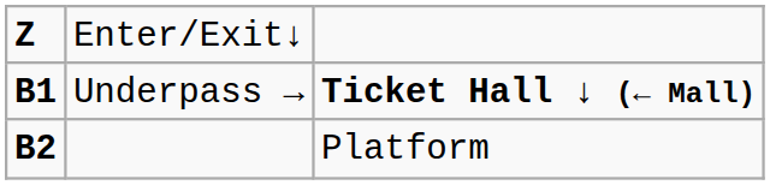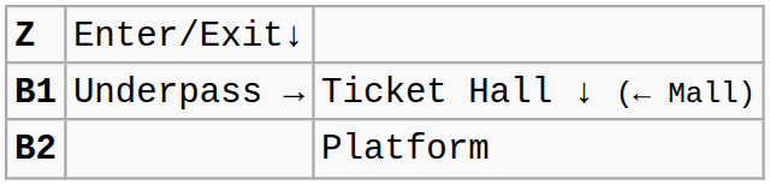 <table class="wikitable">
 <tr>
 <td><strong>Z</strong></td>
 <td>Enter/Exit↓</td>
 <td></td>
 </tr>
 <tr>
 <td><strong>B1</strong></td>
 <td>Underpass →</td>
-<td><strong>Ticket Hall ↓ <small>(← Mall)</small></strong></td>
+<td>Ticket Hall ↓ <small>(← Mall)</small></td>
 </tr>
 <tr>
 <td><strong>B2</strong></td>
 <td></td>
 <td>Platform</td>
 </tr>
 </table>
